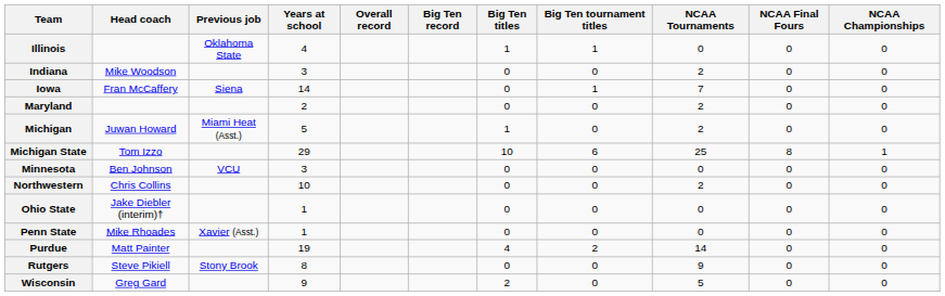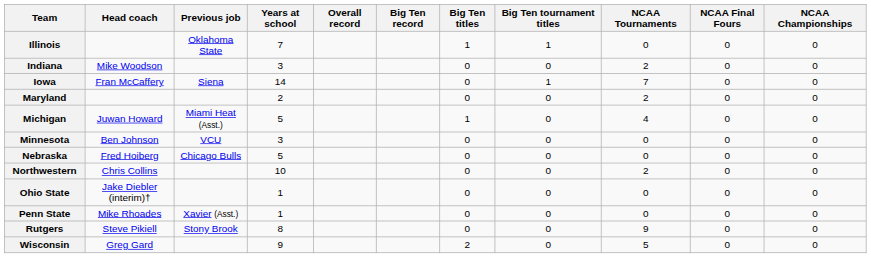 <table class="wikitable sortable" style="text-align: center;font-size:90%;">
 <tr>
 <th width="110">Team</th>
 <th>Head coach</th>
 <th>Previous job</th>
 <th>Years at school</th>
 <th>Overall record</th>
 <th>Big Ten record</th>
 <th>Big Ten titles</th>
 <th>Big Ten tournament titles</th>
 <th>NCAA Tournaments</th>
 <th>NCAA Final Fours</th>
 <th>NCAA Championships</th>
 </tr>
 <tr>
 <th style="background:#">Illinois</th>
 <td></td>
 <td><a href='#'>Oklahoma State</a></td>
-<td>4</td>
+<td>7</td>
 <td></td>
 <td></td>
 <td>1</td>
 <td>1</td>
 <td>0</td>
 <td>0</td>
 <td>0</td>
 </tr>
 <tr>
 <th>Indiana</th>
 <td><a href='#'>Mike Woodson</a></td>
 <td></td>
 <td>3</td>
 <td></td>
 <td></td>
 <td>0</td>
 <td>0</td>
 <td>2</td>
 <td>0</td>
 <td>0</td>
 </tr>
 <tr>
 <th>Iowa</th>
 <td><a href='#'>Fran McCaffery</a></td>
 <td><a href='#'>Siena</a></td>
 <td>14</td>
 <td></td>
 <td></td>
 <td>0</td>
 <td>1</td>
 <td>7</td>
 <td>0</td>
 <td>0</td>
 </tr>
 <tr>
 <th>Maryland</th>
 <td></td>
 <td></td>
 <td>2</td>
 <td></td>
 <td></td>
 <td>0</td>
 <td>0</td>
 <td>2</td>
 <td>0</td>
 <td>0</td>
 </tr>
 <tr>
 <th>Michigan</th>
 <td><a href='#'>Juwan Howard</a></td>
 <td><a href='#'>Miami Heat</a> <small>(Asst.)</small></td>
 <td>5</td>
 <td></td>
 <td></td>
 <td>1</td>
 <td>0</td>
-<td>2</td>
+<td>4</td>
 <td>0</td>
 <td>0</td>
-</tr>
-<tr>
-<th>Michigan State</th>
-<td><a href='#'>Tom Izzo</a></td>
-<td></td>
-<td>29</td>
-<td></td>
-<td></td>
-<td>10</td>
-<td>6</td>
-<td>25</td>
-<td>8</td>
-<td>1</td>
 </tr>
 <tr>
 <th>Minnesota</th>
 <td><a href='#'>Ben Johnson</a></td>
 <td><a href='#'>VCU</a></td>
 <td>3</td>
+<td></td>
+<td></td>
+<td>0</td>
+<td>0</td>
+<td>0</td>
+<td>0</td>
+<td>0</td>
+</tr>
+<tr>
+<th>Nebraska</th>
+<td><a href='#'>Fred Hoiberg</a></td>
+<td><a href='#'>Chicago Bulls</a></td>
+<td>5</td>
 <td></td>
 <td></td>
 <td>0</td>
 <td>0</td>
 <td>0</td>
 <td>0</td>
 <td>0</td>
 </tr>
 <tr>
 <th>Northwestern</th>
 <td><a href='#'>Chris Collins</a></td>
 <td></td>
 <td>10</td>
 <td></td>
 <td></td>
 <td>0</td>
 <td>0</td>
 <td>2</td>
 <td>0</td>
 <td>0</td>
 </tr>
 <tr>
 <th>Ohio State</th>
 <td><a href='#'>Jake Diebler</a> (interim)†</td>
 <td></td>
 <td>1</td>
 <td></td>
 <td></td>
 <td>0</td>
 <td>0</td>
 <td>0</td>
 <td>0</td>
 <td>0</td>
 </tr>
 <tr>
 <th>Penn State</th>
 <td><a href='#'>Mike Rhoades</a></td>
 <td><a href='#'>Xavier</a> <small>(Asst.)</small></td>
 <td>1</td>
 <td></td>
 <td></td>
 <td>0</td>
 <td>0</td>
 <td>0</td>
 <td>0</td>
 <td>0</td>
 </tr>
 <tr>
-<th>Purdue</th>
-<td><a href='#'>Matt Painter</a></td>
-<td></td>
-<td>19</td>
-<td></td>
-<td></td>
-<td>4</td>
-<td>2</td>
-<td>14</td>
-<td>0</td>
-<td>0</td>
-</tr>
-<tr>
 <th>Rutgers</th>
 <td><a href='#'>Steve Pikiell</a></td>
 <td><a href='#'>Stony Brook</a></td>
 <td>8</td>
 <td></td>
 <td></td>
 <td>0</td>
 <td>0</td>
 <td>9</td>
 <td>0</td>
 <td>0</td>
 </tr>
 <tr>
 <th>Wisconsin</th>
 <td><a href='#'>Greg Gard</a></td>
 <td></td>
 <td>9</td>
 <td></td>
 <td></td>
 <td>2</td>
 <td>0</td>
 <td>5</td>
 <td>0</td>
 <td>0</td>
 </tr>
 </table>
